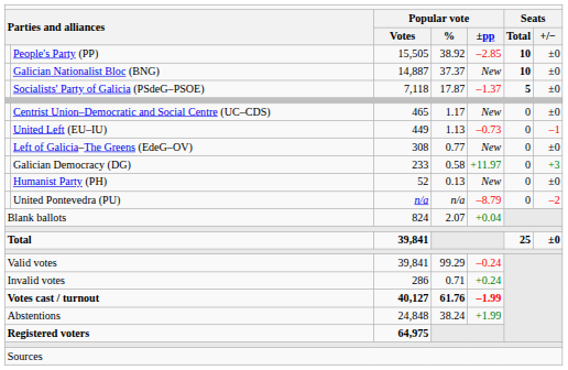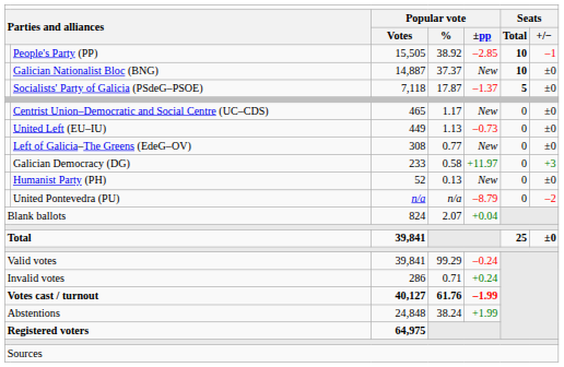 <table class="wikitable" style="text-align:right;">
 <tr>
 <td colspan="7"></td>
 </tr>
 <tr>
 <th style="text-align:left;" rowspan="2" colspan="2" width="525">Parties and alliances</th>
 <th colspan="3">Popular vote</th>
 <th colspan="2">Seats</th>
 </tr>
 <tr>
 <th width="75">Votes</th>
 <th width="45">%</th>
 <th width="45">±<a href='#'>pp</a></th>
 <th width="35">Total</th>
 <th width="35">+/−</th>
 </tr>
 <tr>
 <td width="1" style="color:inherit;background:"></td>
 <td align="left"><a href='#'>People's Party</a> (PP)</td>
 <td>15,505</td>
 <td>38.92</td>
 <td style="color:red;">–2.85</td>
 <td><strong>10</strong></td>
-<td>±0</td>
+<td style="color:red;">–1</td>
 </tr>
 <tr>
 <td style="color:inherit;background:"></td>
 <td align="left"><a href='#'>Galician Nationalist Bloc</a> (BNG)</td>
 <td>14,887</td>
 <td>37.37</td>
 <td><em>New</em></td>
 <td><strong>10</strong></td>
 <td>±0</td>
 </tr>
 <tr>
 <td style="color:inherit;background:"></td>
 <td align="left"><a href='#'>Socialists' Party of Galicia</a> (PSdeG–PSOE)</td>
 <td>7,118</td>
 <td>17.87</td>
 <td style="color:red;">–1.37</td>
 <td><strong>5</strong></td>
 <td>±0</td>
 </tr>
 <tr>
 <td colspan="7" bgcolor="#C0C0C0"></td>
 </tr>
 <tr>
 <td style="color:inherit;background:"></td>
 <td align="left"><a href='#'>Centrist Union–Democratic and Social Centre</a> (UC–CDS)</td>
 <td>465</td>
 <td>1.17</td>
 <td><em>New</em></td>
 <td>0</td>
 <td>±0</td>
 </tr>
 <tr>
 <td style="color:inherit;background:"></td>
 <td align="left"><a href='#'>United Left</a> (EU–IU)</td>
 <td>449</td>
 <td>1.13</td>
 <td style="color:red;">–0.73</td>
 <td>0</td>
-<td style="color:red;">–1</td>
+<td>±0</td>
 </tr>
 <tr>
 <td style="color:inherit;background:"></td>
 <td align="left"><a href='#'>Left of Galicia</a>–<a href='#'>The Greens</a> (EdeG–OV)</td>
 <td>308</td>
 <td>0.77</td>
 <td><em>New</em></td>
 <td>0</td>
 <td>±0</td>
 </tr>
 <tr>
 <td style="color:inherit;background:"></td>
 <td align="left">Galician Democracy (DG)</td>
 <td>233</td>
 <td>0.58</td>
 <td style="color:green;">+11.97</td>
 <td>0</td>
 <td style="color:green;">+3</td>
 </tr>
 <tr>
 <td style="color:inherit;background:"></td>
 <td align="left"><a href='#'>Humanist Party</a> (PH)</td>
 <td>52</td>
 <td>0.13</td>
 <td><em>New</em></td>
 <td>0</td>
 <td>±0</td>
 </tr>
 <tr>
 <td style="color:inherit;background:"></td>
 <td align="left">United Pontevedra (PU)</td>
 <td><em><a href='#'>n/a</a></em></td>
 <td><em>n/a</em></td>
 <td style="color:red;">–8.79</td>
 <td>0</td>
 <td style="color:red;">–2</td>
 </tr>
 <tr>
 <td align="left" colspan="2">Blank ballots</td>
 <td>824</td>
 <td>2.07</td>
 <td style="color:green;">+0.04</td>
 <td bgcolor="#E9E9E9" colspan="2"></td>
 </tr>
 <tr>
 <td colspan="7" bgcolor="#E9E9E9"></td>
 </tr>
 <tr style="font-weight:bold;">
 <td align="left" colspan="2">Total</td>
 <td>39,841</td>
 <td bgcolor="#E9E9E9" colspan="2"></td>
 <td>25</td>
 <td>±0</td>
 </tr>
 <tr>
 <td colspan="7" bgcolor="#E9E9E9"></td>
 </tr>
 <tr>
 <td align="left" colspan="2">Valid votes</td>
 <td>39,841</td>
 <td>99.29</td>
 <td style="color:red;">–0.24</td>
 <td bgcolor="#E9E9E9" colspan="2" rowspan="5"></td>
 </tr>
 <tr>
 <td align="left" colspan="2">Invalid votes</td>
 <td>286</td>
 <td>0.71</td>
 <td style="color:green;">+0.24</td>
 </tr>
 <tr style="font-weight:bold;">
 <td align="left" colspan="2">Votes cast / turnout</td>
 <td>40,127</td>
 <td>61.76</td>
 <td style="color:red;">–1.99</td>
 </tr>
 <tr>
 <td align="left" colspan="2">Abstentions</td>
 <td>24,848</td>
 <td>38.24</td>
 <td style="color:green;">+1.99</td>
 </tr>
 <tr style="font-weight:bold;">
 <td align="left" colspan="2">Registered voters</td>
 <td>64,975</td>
 <td bgcolor="#E9E9E9" colspan="2"></td>
 </tr>
 <tr>
 <td colspan="7" bgcolor="#E9E9E9"></td>
 </tr>
 <tr>
 <td align="left" colspan="7">Sources</td>
 </tr>
 </table>
